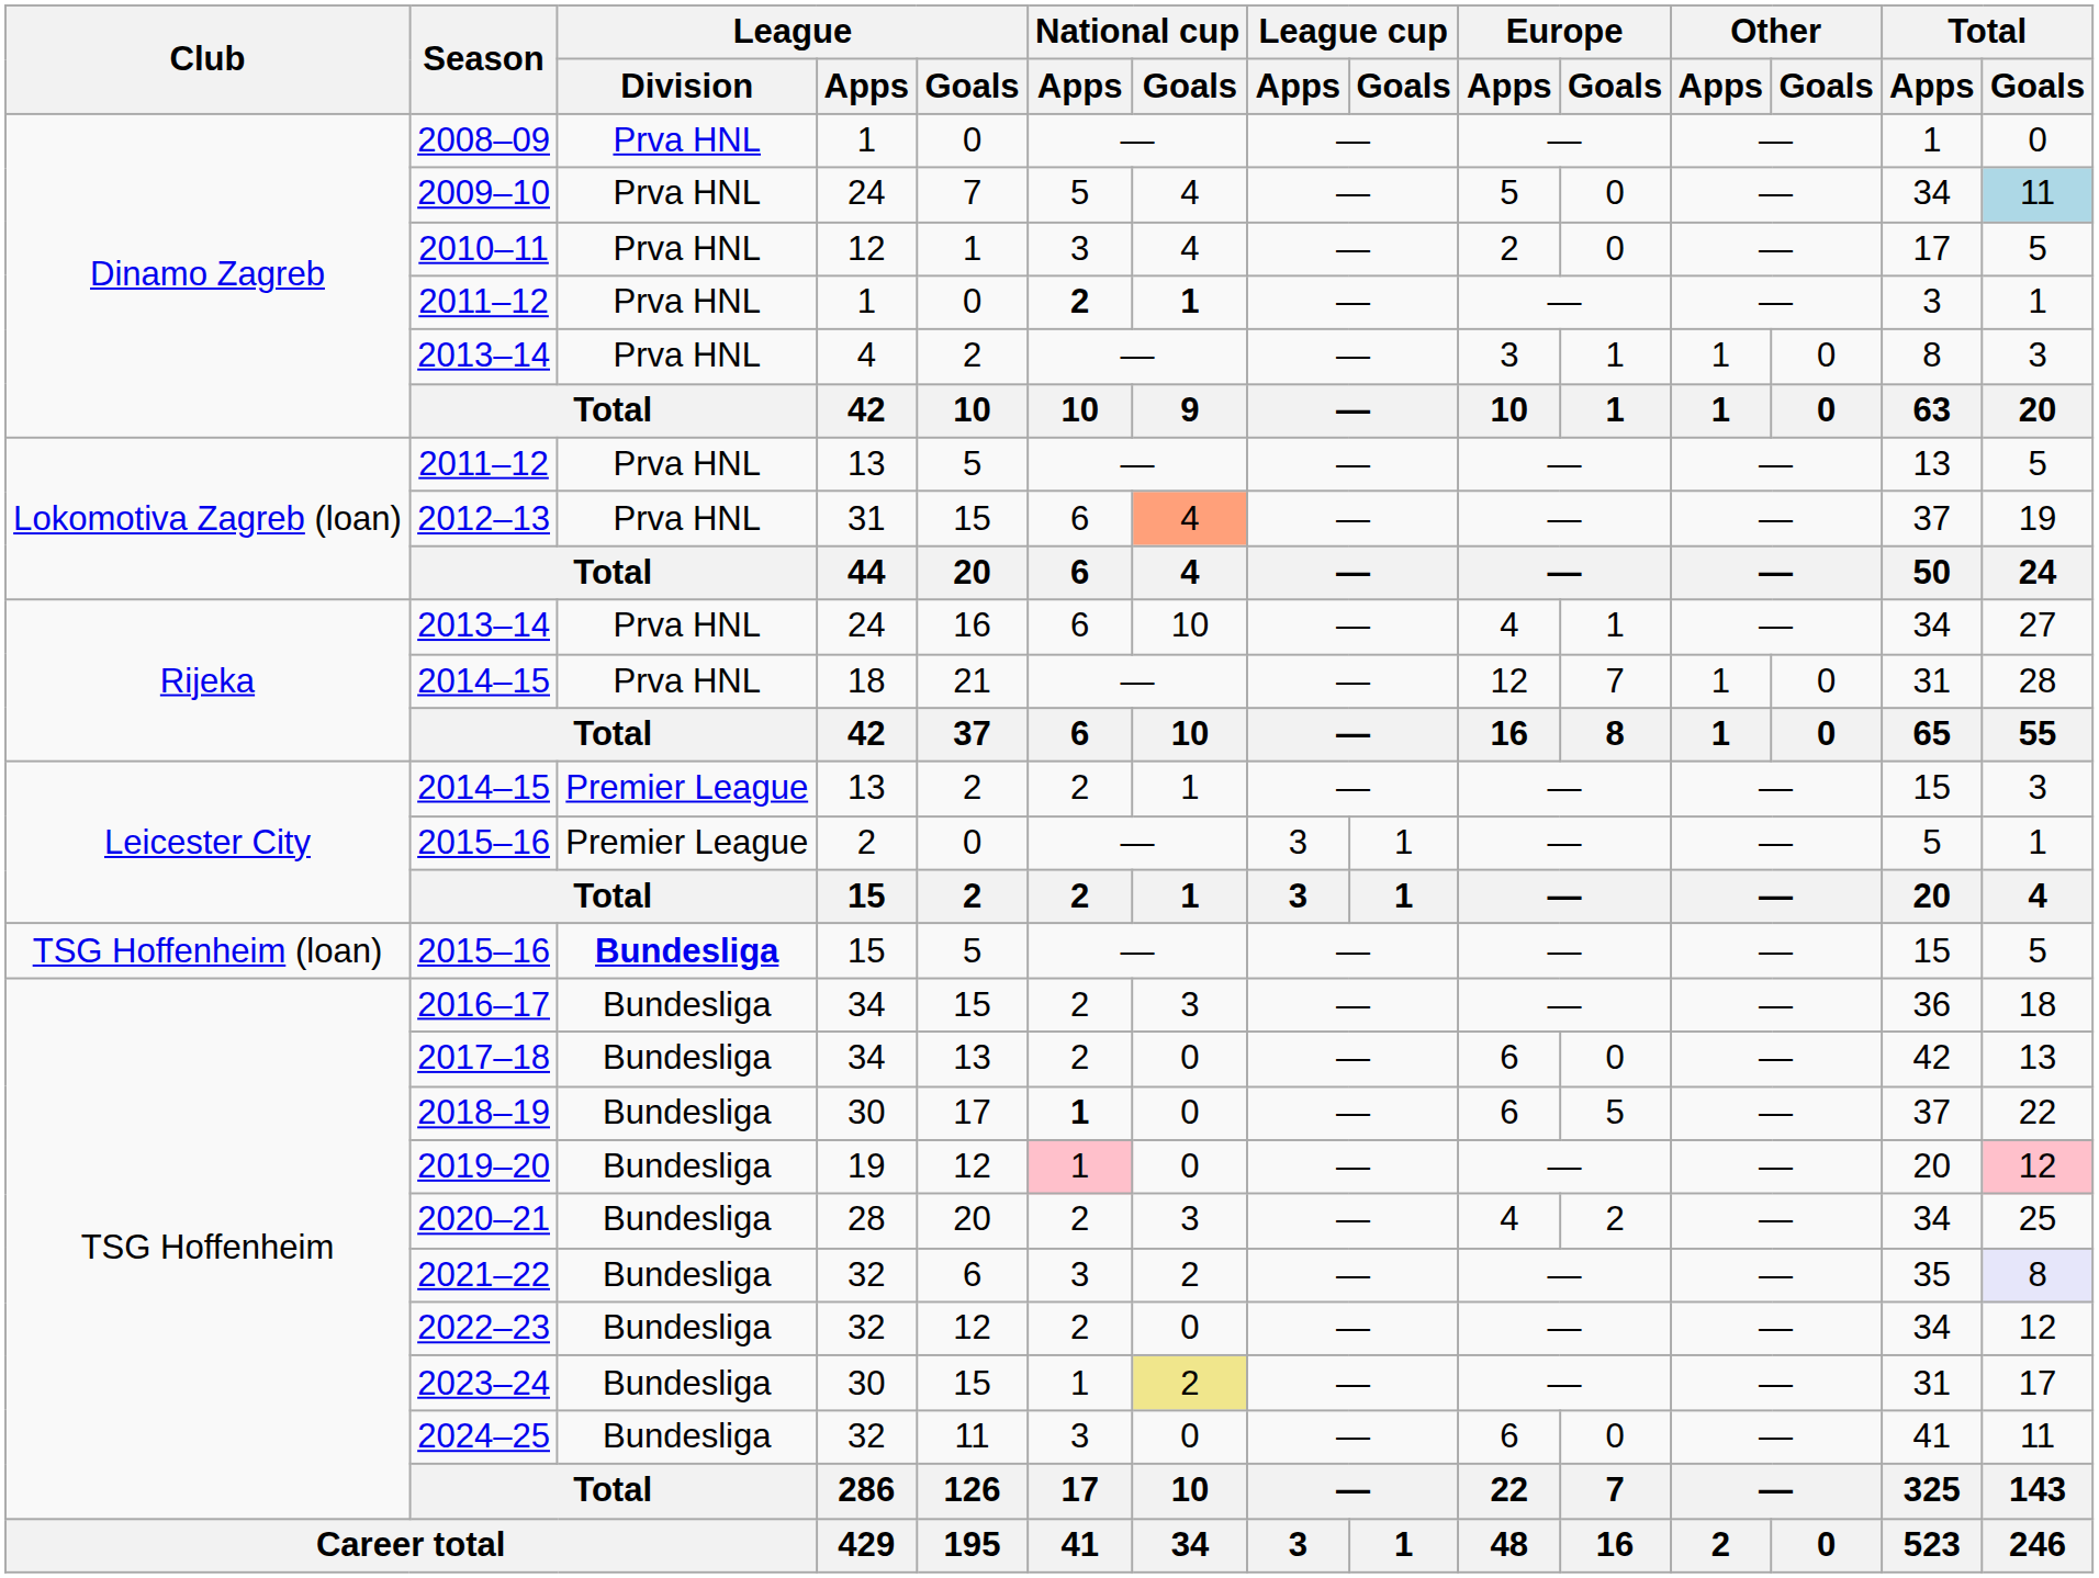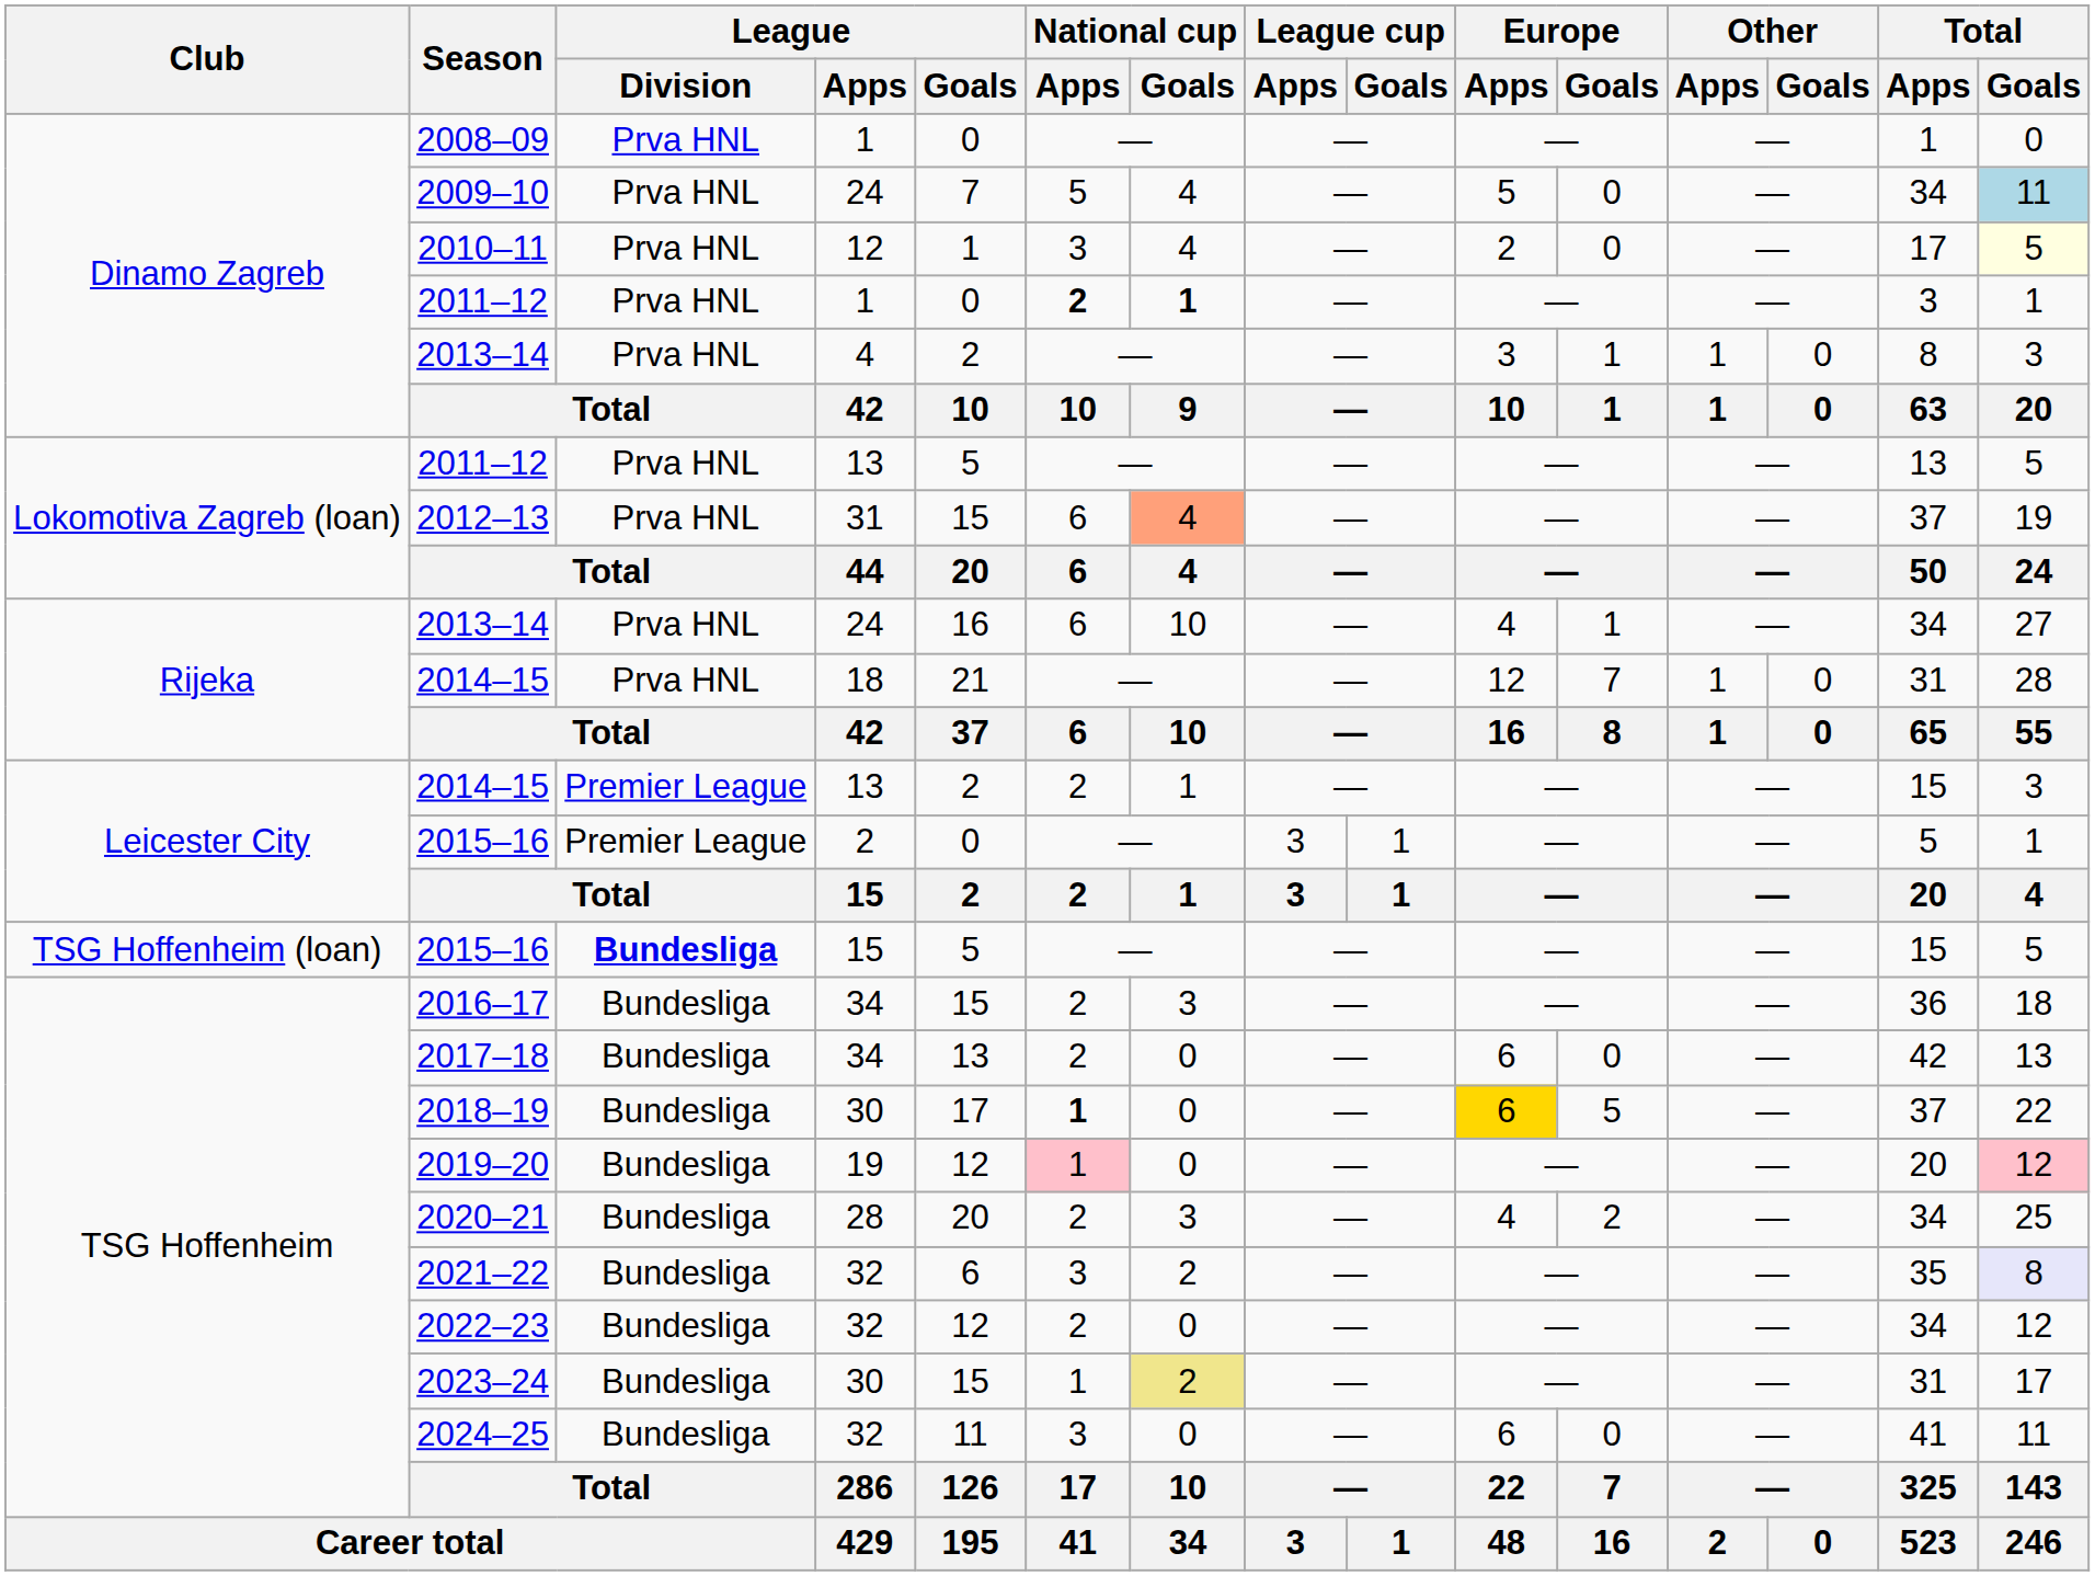 <table class="wikitable" style="text-align:center">
 <tr>
 <th rowspan="2">Club</th>
 <th rowspan="2">Season</th>
 <th colspan="3">League</th>
 <th colspan="2">National cup</th>
 <th colspan="2">League cup</th>
 <th colspan="2">Europe</th>
 <th colspan="2">Other</th>
 <th colspan="2">Total</th>
 </tr>
 <tr>
 <th>Division</th>
 <th>Apps</th>
 <th>Goals</th>
 <th>Apps</th>
 <th>Goals</th>
 <th>Apps</th>
 <th>Goals</th>
 <th>Apps</th>
 <th>Goals</th>
 <th>Apps</th>
 <th>Goals</th>
 <th>Apps</th>
 <th>Goals</th>
 </tr>
 <tr>
 <td rowspan="6"><a href='#'>Dinamo Zagreb</a></td>
 <td><a href='#'>2008–09</a></td>
 <td><a href='#'>Prva HNL</a></td>
 <td>1</td>
 <td>0</td>
 <td colspan="2">—</td>
 <td colspan="2">—</td>
 <td colspan="2">—</td>
 <td colspan="2">—</td>
 <td>1</td>
 <td>0</td>
 </tr>
 <tr>
 <td><a href='#'>2009–10</a></td>
 <td>Prva HNL</td>
 <td>24</td>
 <td>7</td>
 <td>5</td>
 <td>4</td>
 <td colspan="2">—</td>
 <td>5</td>
 <td>0</td>
 <td colspan="2">—</td>
 <td>34</td>
 <td style="background: lightblue;">11</td>
 </tr>
 <tr>
 <td><a href='#'>2010–11</a></td>
 <td>Prva HNL</td>
 <td>12</td>
 <td>1</td>
 <td>3</td>
 <td>4</td>
 <td colspan="2">—</td>
 <td>2</td>
 <td>0</td>
 <td colspan="2">—</td>
 <td>17</td>
-<td>5</td>
+<td style="background: lightyellow;">5</td>
 </tr>
 <tr>
 <td><a href='#'>2011–12</a></td>
 <td>Prva HNL</td>
 <td>1</td>
 <td>0</td>
 <td><strong>2</strong></td>
 <td><strong>1</strong></td>
 <td colspan="2">—</td>
 <td colspan="2">—</td>
 <td colspan="2">—</td>
 <td>3</td>
 <td>1</td>
 </tr>
 <tr>
 <td><a href='#'>2013–14</a></td>
 <td>Prva HNL</td>
 <td>4</td>
 <td>2</td>
 <td colspan="2">—</td>
 <td colspan="2">—</td>
 <td>3</td>
 <td>1</td>
 <td>1</td>
 <td>0</td>
 <td>8</td>
 <td>3</td>
 </tr>
 <tr>
 <th colspan="2">Total</th>
 <th>42</th>
 <th>10</th>
 <th>10</th>
 <th>9</th>
 <th colspan="2">—</th>
 <th>10</th>
 <th>1</th>
 <th>1</th>
 <th>0</th>
 <th>63</th>
 <th>20</th>
 </tr>
 <tr>
 <td rowspan="3"><a href='#'>Lokomotiva Zagreb</a> (loan)</td>
 <td><a href='#'>2011–12</a></td>
 <td>Prva HNL</td>
 <td>13</td>
 <td>5</td>
 <td colspan="2">—</td>
 <td colspan="2">—</td>
 <td colspan="2">—</td>
 <td colspan="2">—</td>
 <td>13</td>
 <td>5</td>
 </tr>
 <tr>
 <td><a href='#'>2012–13</a></td>
 <td>Prva HNL</td>
 <td>31</td>
 <td>15</td>
 <td>6</td>
 <td style="background: lightsalmon;">4</td>
 <td colspan="2">—</td>
 <td colspan="2">—</td>
 <td colspan="2">—</td>
 <td>37</td>
 <td>19</td>
 </tr>
 <tr>
 <th colspan="2">Total</th>
 <th>44</th>
 <th>20</th>
 <th>6</th>
 <th>4</th>
 <th colspan="2">—</th>
 <th colspan="2">—</th>
 <th colspan="2">—</th>
 <th>50</th>
 <th>24</th>
 </tr>
 <tr>
 <td rowspan="3"><a href='#'>Rijeka</a></td>
 <td><a href='#'>2013–14</a></td>
 <td>Prva HNL</td>
 <td>24</td>
 <td>16</td>
 <td>6</td>
 <td>10</td>
 <td colspan="2">—</td>
 <td>4</td>
 <td>1</td>
 <td colspan="2">—</td>
 <td>34</td>
 <td>27</td>
 </tr>
 <tr>
 <td><a href='#'>2014–15</a></td>
 <td>Prva HNL</td>
 <td>18</td>
 <td>21</td>
 <td colspan="2">—</td>
 <td colspan="2">—</td>
 <td>12</td>
 <td>7</td>
 <td>1</td>
 <td>0</td>
 <td>31</td>
 <td>28</td>
 </tr>
 <tr>
 <th colspan="2">Total</th>
 <th>42</th>
 <th>37</th>
 <th>6</th>
 <th>10</th>
 <th colspan="2">—</th>
 <th>16</th>
 <th>8</th>
 <th>1</th>
 <th>0</th>
 <th>65</th>
 <th>55</th>
 </tr>
 <tr>
 <td rowspan="3"><a href='#'>Leicester City</a></td>
 <td><a href='#'>2014–15</a></td>
 <td><a href='#'>Premier League</a></td>
 <td>13</td>
 <td>2</td>
 <td>2</td>
 <td>1</td>
 <td colspan="2">—</td>
 <td colspan="2">—</td>
 <td colspan="2">—</td>
 <td>15</td>
 <td>3</td>
 </tr>
 <tr>
 <td><a href='#'>2015–16</a></td>
 <td>Premier League</td>
 <td>2</td>
 <td>0</td>
 <td colspan="2">—</td>
 <td>3</td>
 <td>1</td>
 <td colspan="2">—</td>
 <td colspan="2">—</td>
 <td>5</td>
 <td>1</td>
 </tr>
 <tr>
 <th colspan="2">Total</th>
 <th>15</th>
 <th>2</th>
 <th>2</th>
 <th>1</th>
 <th>3</th>
 <th>1</th>
 <th colspan="2">—</th>
 <th colspan="2">—</th>
 <th>20</th>
 <th>4</th>
 </tr>
 <tr>
 <td><a href='#'>TSG Hoffenheim</a> (loan)</td>
 <td><a href='#'>2015–16</a></td>
 <td><strong><a href='#'>Bundesliga</a></strong></td>
 <td>15</td>
 <td>5</td>
 <td colspan="2">—</td>
 <td colspan="2">—</td>
 <td colspan="2">—</td>
 <td colspan="2">—</td>
 <td>15</td>
 <td>5</td>
 </tr>
 <tr>
 <td rowspan="10">TSG Hoffenheim</td>
 <td><a href='#'>2016–17</a></td>
 <td>Bundesliga</td>
 <td>34</td>
 <td>15</td>
 <td>2</td>
 <td>3</td>
 <td colspan="2">—</td>
 <td colspan="2">—</td>
 <td colspan="2">—</td>
 <td>36</td>
 <td>18</td>
 </tr>
 <tr>
 <td><a href='#'>2017–18</a></td>
 <td>Bundesliga</td>
 <td>34</td>
 <td>13</td>
 <td>2</td>
 <td>0</td>
 <td colspan="2">—</td>
 <td>6</td>
 <td>0</td>
 <td colspan="2">—</td>
 <td>42</td>
 <td>13</td>
 </tr>
 <tr>
 <td><a href='#'>2018–19</a></td>
 <td>Bundesliga</td>
 <td>30</td>
 <td>17</td>
 <td><strong>1</strong></td>
 <td>0</td>
 <td colspan="2">—</td>
-<td>6</td>
+<td style="background: gold;">6</td>
 <td>5</td>
 <td colspan="2">—</td>
 <td>37</td>
 <td>22</td>
 </tr>
 <tr>
 <td><a href='#'>2019–20</a></td>
 <td>Bundesliga</td>
 <td>19</td>
 <td>12</td>
 <td style="background: pink;">1</td>
 <td>0</td>
 <td colspan="2">—</td>
 <td colspan="2">—</td>
 <td colspan="2">—</td>
 <td>20</td>
 <td style="background: pink;">12</td>
 </tr>
 <tr>
 <td><a href='#'>2020–21</a></td>
 <td>Bundesliga</td>
 <td>28</td>
 <td>20</td>
 <td>2</td>
 <td>3</td>
 <td colspan="2">—</td>
 <td>4</td>
 <td>2</td>
 <td colspan="2">—</td>
 <td>34</td>
 <td>25</td>
 </tr>
 <tr>
 <td><a href='#'>2021–22</a></td>
 <td>Bundesliga</td>
 <td>32</td>
 <td>6</td>
 <td>3</td>
 <td>2</td>
 <td colspan="2">—</td>
 <td colspan="2">—</td>
 <td colspan="2">—</td>
 <td>35</td>
 <td style="background: lavender;">8</td>
 </tr>
 <tr>
 <td><a href='#'>2022–23</a></td>
 <td>Bundesliga</td>
 <td>32</td>
 <td>12</td>
 <td>2</td>
 <td>0</td>
 <td colspan="2">—</td>
 <td colspan="2">—</td>
 <td colspan="2">—</td>
 <td>34</td>
 <td>12</td>
 </tr>
 <tr>
 <td><a href='#'>2023–24</a></td>
 <td>Bundesliga</td>
 <td>30</td>
 <td>15</td>
 <td>1</td>
 <td style="background: khaki;">2</td>
 <td colspan="2">—</td>
 <td colspan="2">—</td>
 <td colspan="2">—</td>
 <td>31</td>
 <td>17</td>
 </tr>
 <tr>
 <td><a href='#'>2024–25</a></td>
 <td>Bundesliga</td>
 <td>32</td>
 <td>11</td>
 <td>3</td>
 <td>0</td>
 <td colspan="2">—</td>
 <td>6</td>
 <td>0</td>
 <td colspan="2">—</td>
 <td>41</td>
 <td>11</td>
 </tr>
 <tr>
 <th colspan="2">Total</th>
 <th>286</th>
 <th>126</th>
 <th>17</th>
 <th>10</th>
 <th colspan="2">—</th>
 <th>22</th>
 <th>7</th>
 <th colspan="2">—</th>
 <th>325</th>
 <th>143</th>
 </tr>
 <tr>
 <th colspan="3">Career total</th>
 <th>429</th>
 <th>195</th>
 <th>41</th>
 <th>34</th>
 <th>3</th>
 <th>1</th>
 <th>48</th>
 <th>16</th>
 <th>2</th>
 <th>0</th>
 <th>523</th>
 <th>246</th>
 </tr>
 </table>
